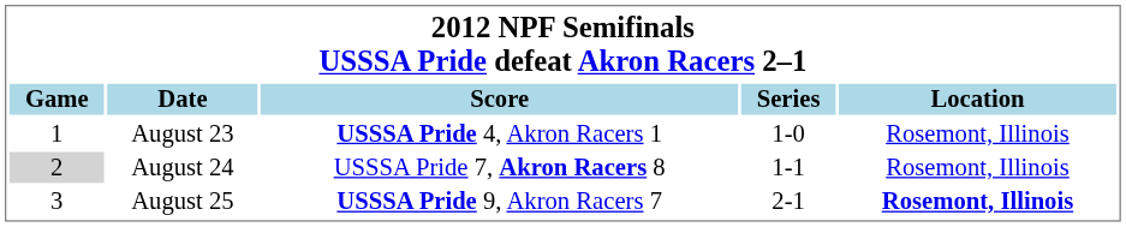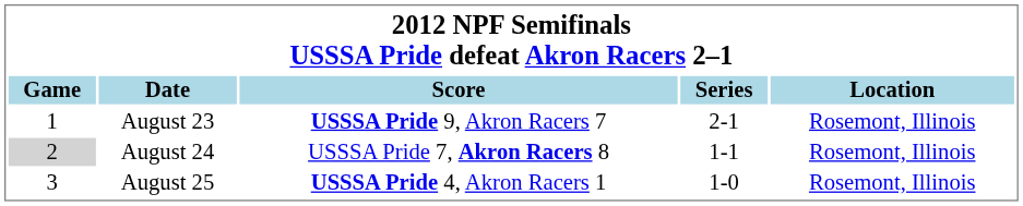 <table cellpadding="1"  style="min-width:45em;text-align:center;font-size:100%; border:1px solid gray;">
 <tr style="font-size:larger;">
 <th colspan=8>2012 NPF Semifinals<br><strong><a href='#'>USSSA Pride</a></strong> defeat <a href='#'>Akron Racers</a> 2–1</th>
 </tr>
 <tr style="background:lightblue;">
 <th>Game</th>
 <th>Date</th>
 <th>Score</th>
 <th>Series<br></th>
 <th>Location</th>
 </tr>
 <tr>
 <td>1</td>
 <td>August 23</td>
-<td><strong><a href='#'>USSSA Pride</a></strong> 4, <a href='#'>Akron Racers</a> 1</td>
-<td>1-0</td>
+<td><strong><a href='#'>USSSA Pride</a></strong> 9, <a href='#'>Akron Racers</a> 7</td>
+<td>2-1</td>
 <td><a href='#'>Rosemont, Illinois</a></td>
 </tr>
 <tr>
 <td style="background: lightgrey;">2</td>
 <td>August 24</td>
 <td><a href='#'>USSSA Pride</a> 7, <strong><a href='#'>Akron Racers</a></strong> 8</td>
 <td>1-1</td>
 <td><a href='#'>Rosemont, Illinois</a></td>
 </tr>
 <tr>
 <td>3</td>
 <td>August 25</td>
-<td><strong><a href='#'>USSSA Pride</a></strong> 9, <a href='#'>Akron Racers</a> 7</td>
-<td>2-1</td>
-<td><strong><a href='#'>Rosemont, Illinois</a></strong></td>
+<td><strong><a href='#'>USSSA Pride</a></strong> 4, <a href='#'>Akron Racers</a> 1</td>
+<td>1-0</td>
+<td><a href='#'>Rosemont, Illinois</a></td>
 </tr>
 </table>
